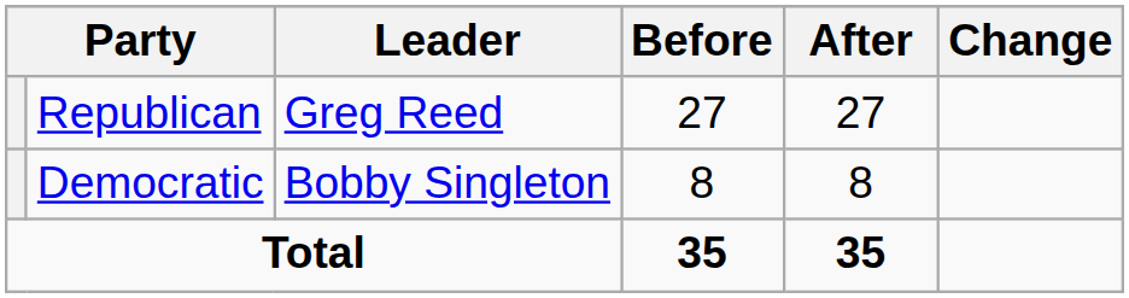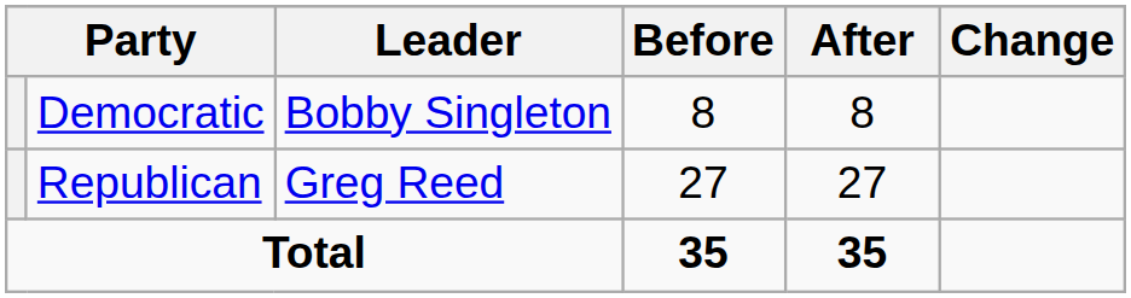 <table class="wikitable" style="text-align:center;">
 <tr>
 </tr>
 <tr>
 <th colspan=2>Party</th>
 <th>Leader</th>
 <th style="width:3em">Before</th>
 <th style="width:3em">After</th>
 <th style="width:3em">Change</th>
 </tr>
 <tr>
 <th style="background-color:"></th>
+<td style="text-align:left;"><a href='#'>Democratic</a></td>
+<td style="text-align:left;"><a href='#'>Bobby Singleton</a></td>
+<td>8</td>
+<td>8</td>
+<td></td>
+</tr>
+<tr>
+<th style="background-color:"></th>
 <td style="text-align:left;"><a href='#'>Republican</a></td>
 <td style="text-align:left;"><a href='#'>Greg Reed</a></td>
 <td>27</td>
 <td>27</td>
-<td></td>
-</tr>
-<tr>
-<th style="background-color:"></th>
-<td style="text-align:left;"><a href='#'>Democratic</a></td>
-<td style="text-align:left;"><a href='#'>Bobby Singleton</a></td>
-<td>8</td>
-<td>8</td>
 <td></td>
 </tr>
 <tr>
 <td colspan=3><strong>Total</strong></td>
 <td><strong>35</strong></td>
 <td><strong>35</strong></td>
 <td></td>
 </tr>
 </table>
